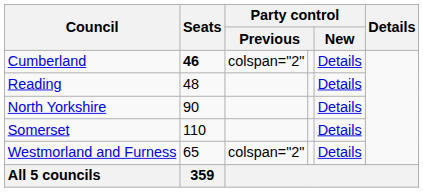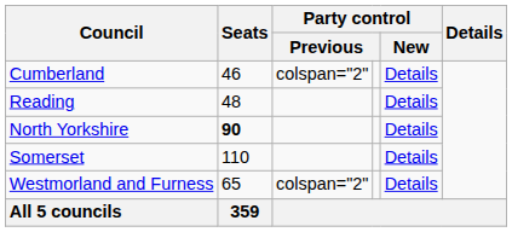 <table class="wikitable sortable">
 <tr>
 <th rowspan="2">Council</th>
 <th rowspan="2">Seats</th>
 <th colspan="4">Party control</th>
 <th rowspan="2">Details</th>
 </tr>
 <tr>
 <th colspan="2">Previous</th>
 <th colspan="2">New</th>
 </tr>
 <tr>
 <td><a href='#'>Cumberland</a></td>
-<td><strong>46</strong></td>
+<td>46</td>
 <td>colspan="2"   </td>
 <td></td>
 <td><a href='#'>Details</a></td>
 </tr>
 <tr>
 <td><a href='#'>Reading</a></td>
 <td>48</td>
 <td></td>
 <td></td>
 <td><a href='#'>Details</a></td>
 </tr>
 <tr>
 <td><a href='#'>North Yorkshire</a></td>
-<td>90</td>
+<td><strong>90</strong></td>
 <td></td>
 <td></td>
 <td><a href='#'>Details</a></td>
 </tr>
 <tr>
 <td><a href='#'>Somerset</a></td>
 <td>110</td>
 <td></td>
 <td></td>
 <td><a href='#'>Details</a></td>
 </tr>
 <tr>
 <td><a href='#'>Westmorland and Furness</a></td>
 <td>65</td>
 <td>colspan="2"   </td>
 <td></td>
 <td><a href='#'>Details</a></td>
 </tr>
 <tr class="sortbottom">
 <th style="text-align:left;">All 5 councils</th>
 <th>359</th>
 <th colspan="5"></th>
 </tr>
 </table>
